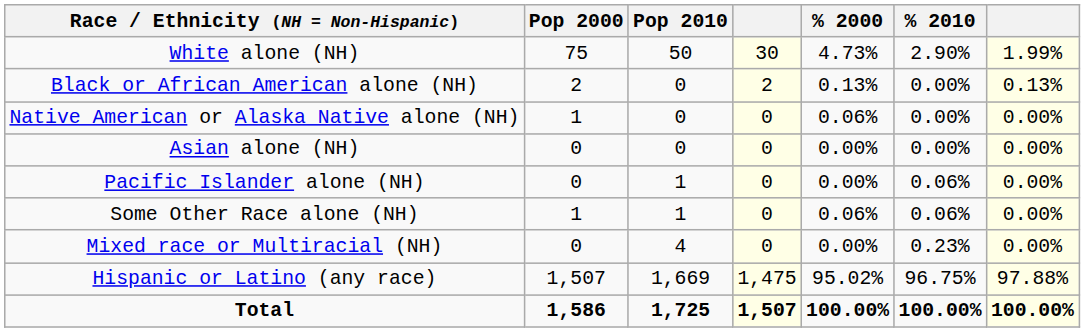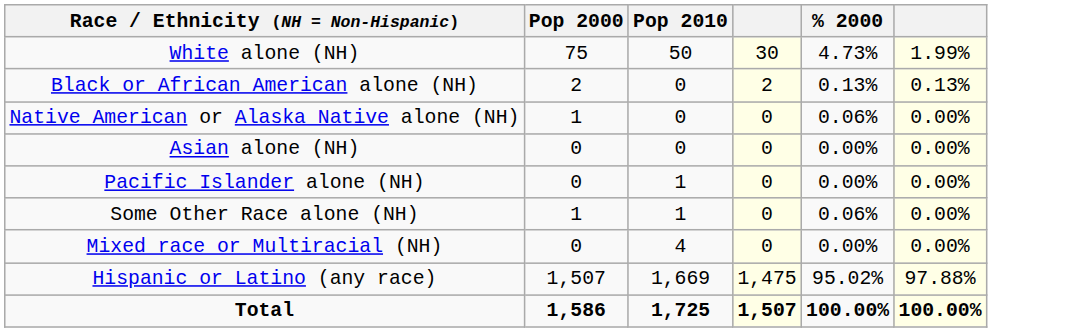 <table class="wikitable" style="text-align:center;">
 <tr>
 <th>Race / Ethnicity <small>(<em>NH = Non-Hispanic</em>)</small></th>
 <th>Pop 2000</th>
 <th>Pop 2010</th>
 <th></th>
 <th>% 2000</th>
-<th>% 2010</th>
 <th></th>
 </tr>
 <tr>
 <td><a href='#'>White</a> alone (NH)</td>
 <td>75</td>
 <td>50</td>
 <td style='background: #ffffe6;'>30</td>
 <td>4.73%</td>
-<td>2.90%</td>
 <td style='background: #ffffe6;'>1.99%</td>
 </tr>
 <tr>
 <td><a href='#'>Black or African American</a> alone (NH)</td>
 <td>2</td>
 <td>0</td>
 <td style='background: #ffffe6;'>2</td>
 <td>0.13%</td>
-<td>0.00%</td>
 <td style='background: #ffffe6;'>0.13%</td>
 </tr>
 <tr>
 <td><a href='#'>Native American</a> or <a href='#'>Alaska Native</a> alone (NH)</td>
 <td>1</td>
 <td>0</td>
 <td style='background: #ffffe6;'>0</td>
 <td>0.06%</td>
-<td>0.00%</td>
 <td style='background: #ffffe6;'>0.00%</td>
 </tr>
 <tr>
 <td><a href='#'>Asian</a> alone (NH)</td>
 <td>0</td>
 <td>0</td>
 <td style='background: #ffffe6;'>0</td>
-<td>0.00%</td>
 <td>0.00%</td>
 <td style='background: #ffffe6;'>0.00%</td>
 </tr>
 <tr>
 <td><a href='#'>Pacific Islander</a> alone (NH)</td>
 <td>0</td>
 <td>1</td>
 <td style='background: #ffffe6;'>0</td>
 <td>0.00%</td>
-<td>0.06%</td>
 <td style='background: #ffffe6;'>0.00%</td>
 </tr>
 <tr>
 <td>Some Other Race alone (NH)</td>
 <td>1</td>
 <td>1</td>
 <td style='background: #ffffe6;'>0</td>
-<td>0.06%</td>
 <td>0.06%</td>
 <td style='background: #ffffe6;'>0.00%</td>
 </tr>
 <tr>
 <td><a href='#'>Mixed race or Multiracial</a> (NH)</td>
 <td>0</td>
 <td>4</td>
 <td style='background: #ffffe6;'>0</td>
 <td>0.00%</td>
-<td>0.23%</td>
 <td style='background: #ffffe6;'>0.00%</td>
 </tr>
 <tr>
 <td><a href='#'>Hispanic or Latino</a> (any race)</td>
 <td>1,507</td>
 <td>1,669</td>
 <td style='background: #ffffe6;'>1,475</td>
 <td>95.02%</td>
-<td>96.75%</td>
 <td style='background: #ffffe6;'>97.88%</td>
 </tr>
 <tr>
 <td><strong>Total</strong></td>
 <td><strong>1,586</strong></td>
 <td><strong>1,725</strong></td>
 <td style='background: #ffffe6;'><strong>1,507</strong></td>
 <td><strong>100.00%</strong></td>
-<td><strong>100.00%</strong></td>
 <td style='background: #ffffe6;'><strong>100.00%</strong></td>
 </tr>
 </table>
